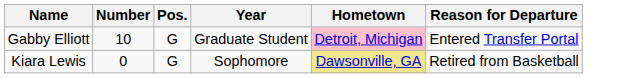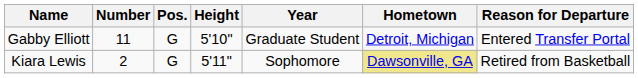 <table class="wikitable sortable" border="1" style="text-align: center;">
 <tr align=center>
 <th>Name</th>
 <th>Number</th>
 <th>Pos.</th>
+<th>Height</th>
 <th>Year</th>
 <th>Hometown</th>
 <th>Reason for Departure</th>
 </tr>
 <tr>
 <td>Gabby Elliott</td>
-<td>10</td>
+<td>11</td>
 <td>G</td>
+<td>5'10"</td>
 <td>Graduate Student</td>
-<td style="background: pink;"><a href='#'>Detroit, Michigan</a></td>
+<td><a href='#'>Detroit, Michigan</a></td>
 <td>Entered <a href='#'>Transfer Portal</a></td>
 </tr>
 <tr>
 <td>Kiara Lewis</td>
-<td>0</td>
+<td>2</td>
 <td>G</td>
+<td>5'11"</td>
 <td>Sophomore</td>
 <td style="background: khaki;"><a href='#'>Dawsonville, GA</a></td>
 <td>Retired from Basketball</td>
 </tr>
 </table>
